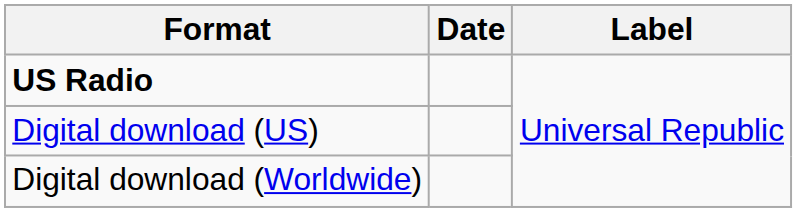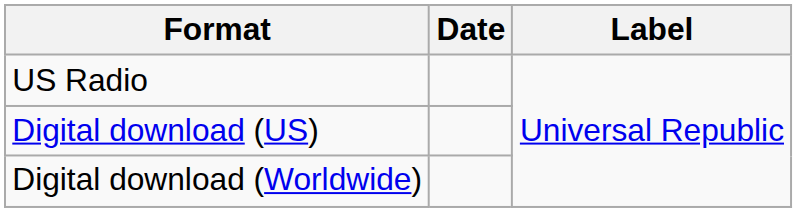 <table class="wikitable sortable">
 <tr>
 <th>Format</th>
 <th>Date</th>
 <th>Label</th>
 </tr>
 <tr>
-<td><strong>US Radio</strong></td>
+<td>US Radio</td>
 <td></td>
 <td align="center" rowspan="3"><a href='#'>Universal Republic</a></td>
 </tr>
 <tr>
 <td><a href='#'>Digital download</a> (<a href='#'>US</a>)</td>
 <td></td>
 </tr>
 <tr>
 <td>Digital download (<a href='#'>Worldwide</a>)</td>
 <td></td>
 </tr>
 </table>
